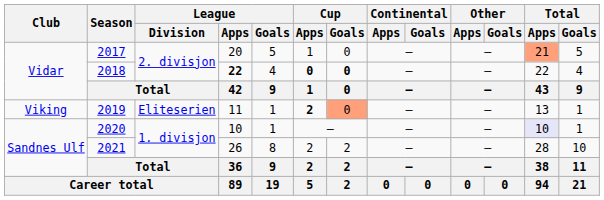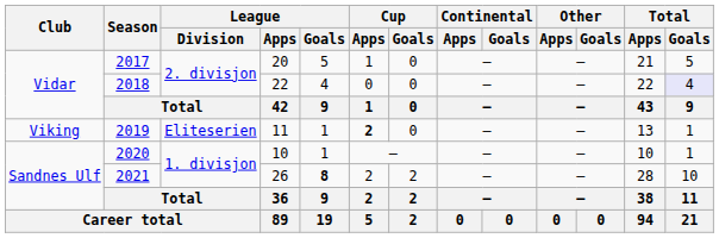 <table class="wikitable" style="text-align: center;">
 <tr>
 <th rowspan="2">Club</th>
 <th rowspan="2">Season</th>
 <th colspan="3">League</th>
 <th colspan="2">Cup</th>
 <th colspan="2">Continental</th>
 <th colspan="2">Other</th>
 <th colspan="2">Total</th>
 </tr>
 <tr>
 <th>Division</th>
 <th>Apps</th>
 <th>Goals</th>
 <th>Apps</th>
 <th>Goals</th>
 <th>Apps</th>
 <th>Goals</th>
 <th>Apps</th>
 <th>Goals</th>
 <th>Apps</th>
 <th>Goals</th>
 </tr>
 <tr>
 <td rowspan="3"><a href='#'>Vidar</a></td>
 <td><a href='#'>2017</a></td>
 <td rowspan="2"><a href='#'>2. divisjon</a></td>
 <td>20</td>
 <td>5</td>
 <td>1</td>
 <td>0</td>
 <td colspan="2">—</td>
 <td colspan="2">—</td>
-<td style="background: lightsalmon;">21</td>
+<td>21</td>
 <td>5</td>
 </tr>
 <tr>
 <td><a href='#'>2018</a></td>
-<td><strong>22</strong></td>
+<td>22</td>
 <td>4</td>
-<td><strong>0</strong></td>
-<td><strong>0</strong></td>
+<td>0</td>
+<td>0</td>
 <td colspan="2">—</td>
 <td colspan="2">—</td>
 <td>22</td>
-<td>4</td>
+<td style="background: lavender;">4</td>
 </tr>
 <tr>
 <th colspan="2">Total</th>
 <th>42</th>
 <th>9</th>
 <th>1</th>
 <th>0</th>
 <th colspan="2">—</th>
 <th colspan="2">—</th>
 <th>43</th>
 <th>9</th>
 </tr>
 <tr>
 <td><a href='#'>Viking</a></td>
 <td><a href='#'>2019</a></td>
 <td><a href='#'>Eliteserien</a></td>
 <td>11</td>
 <td>1</td>
 <td><strong>2</strong></td>
-<td style="background: lightsalmon;">0</td>
+<td>0</td>
 <td colspan="2">—</td>
 <td colspan="2">—</td>
 <td>13</td>
 <td>1</td>
 </tr>
 <tr>
 <td rowspan="3"><a href='#'>Sandnes Ulf</a></td>
 <td><a href='#'>2020</a></td>
 <td rowspan="2"><a href='#'>1. divisjon</a></td>
 <td>10</td>
 <td>1</td>
 <td colspan="2">—</td>
 <td colspan="2">—</td>
 <td colspan="2">—</td>
-<td style="background: lavender;">10</td>
+<td>10</td>
 <td>1</td>
 </tr>
 <tr>
 <td><a href='#'>2021</a></td>
 <td>26</td>
-<td>8</td>
+<td><strong>8</strong></td>
 <td>2</td>
 <td>2</td>
 <td colspan="2">—</td>
 <td colspan="2">—</td>
 <td>28</td>
 <td>10</td>
 </tr>
 <tr>
 <th colspan="2">Total</th>
 <th>36</th>
 <th>9</th>
 <th>2</th>
 <th>2</th>
 <th colspan="2">—</th>
 <th colspan="2">—</th>
 <th>38</th>
 <th>11</th>
 </tr>
 <tr>
 <th colspan="3">Career total</th>
 <th>89</th>
 <th>19</th>
 <th>5</th>
 <th>2</th>
 <th>0</th>
 <th>0</th>
 <th>0</th>
 <th>0</th>
 <th>94</th>
 <th>21</th>
 </tr>
 </table>
